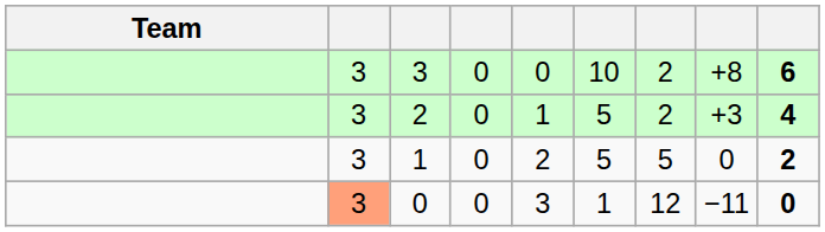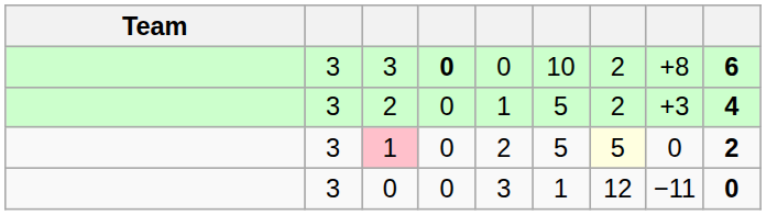 <table class="wikitable" style="text-align: center; font-size:90% ">
 <tr>
 <th width=160>Team</th>
 <th width=25></th>
 <th width=25></th>
 <th width=25></th>
 <th width=25></th>
 <th width=25></th>
 <th width=25></th>
 <th width=25></th>
 <th width=25></th>
 </tr>
 <tr bgcolor=ccffcc>
 <td align=left></td>
 <td>3</td>
 <td>3</td>
-<td>0</td>
+<td><strong>0</strong></td>
 <td>0</td>
 <td>10</td>
 <td>2</td>
 <td>+8</td>
 <td><strong>6</strong></td>
 </tr>
 <tr bgcolor=ccffcc>
 <td align=left></td>
 <td>3</td>
 <td>2</td>
 <td>0</td>
 <td>1</td>
 <td>5</td>
 <td>2</td>
 <td>+3</td>
 <td><strong>4</strong></td>
 </tr>
 <tr>
 <td align=left></td>
 <td>3</td>
-<td>1</td>
+<td style="background: pink;">1</td>
 <td>0</td>
 <td>2</td>
 <td>5</td>
-<td>5</td>
+<td style="background: lightyellow;">5</td>
 <td>0</td>
 <td><strong>2</strong></td>
 </tr>
 <tr>
 <td align=left></td>
-<td style="background: lightsalmon;">3</td>
+<td>3</td>
 <td>0</td>
 <td>0</td>
 <td>3</td>
 <td>1</td>
 <td>12</td>
 <td>−11</td>
 <td><strong>0</strong></td>
 </tr>
 </table>
